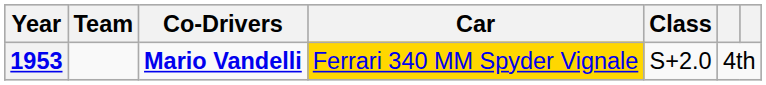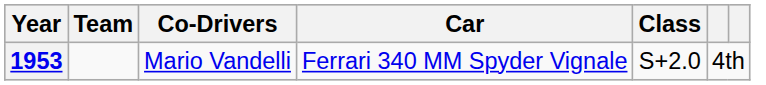 <table class="wikitable" style="text-align:center; font-size:90%">
 <tr>
 <th>Year</th>
 <th>Team</th>
 <th>Co-Drivers</th>
 <th>Car</th>
 <th>Class</th>
 <th></th>
 <th></th>
 </tr>
 <tr>
 <th><a href='#'>1953</a></th>
 <td align="left"></td>
-<td align="left"><strong> <a href='#'>Mario Vandelli</a></strong></td>
-<td align="left" style="background: gold;"><a href='#'>Ferrari 340 MM Spyder Vignale</a></td>
+<td align="left"> <a href='#'>Mario Vandelli</a></td>
+<td align="left"><a href='#'>Ferrari 340 MM Spyder Vignale</a></td>
 <td>S+2.0</td>
 <td colspan=2>4th</td>
 </tr>
 </table>
